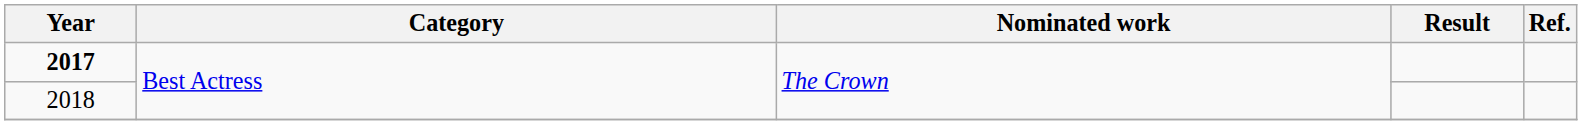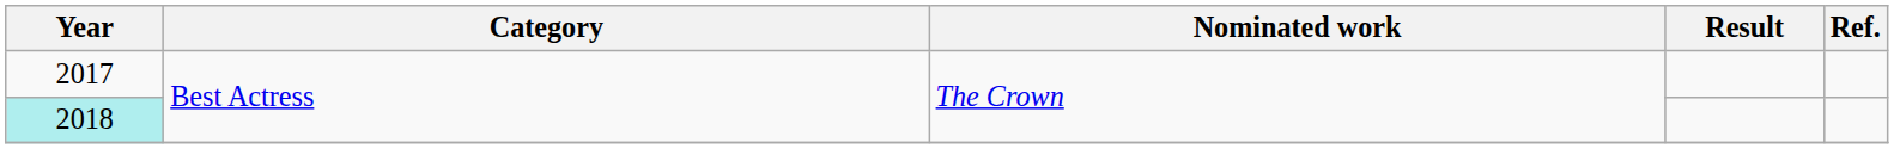 <table class=wikitable>
 <tr>
 <th scope="col" style="width:5em;">Year</th>
 <th scope="col" style="width:26em;">Category</th>
 <th scope="col" style="width:25em;">Nominated work</th>
 <th scope="col" style="width:5em;">Result</th>
 <th>Ref.</th>
 </tr>
 <tr>
-<td style="text-align:center;"><strong>2017</strong></td>
+<td style="text-align:center;">2017</td>
 <td rowspan="2"><a href='#'>Best Actress</a></td>
 <td rowspan="2"><em><a href='#'>The Crown</a></em></td>
 <td></td>
 <td></td>
 </tr>
 <tr>
-<td style="text-align:center;">2018</td>
+<td style="background: paleturquoise; text-align:center;">2018</td>
 <td></td>
 <td></td>
 </tr>
 <tr>
 </tr>
 </table>
